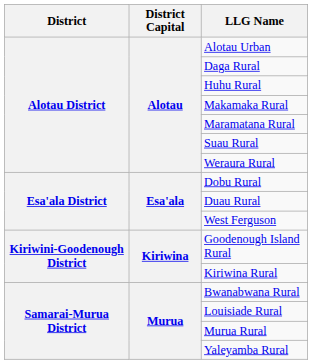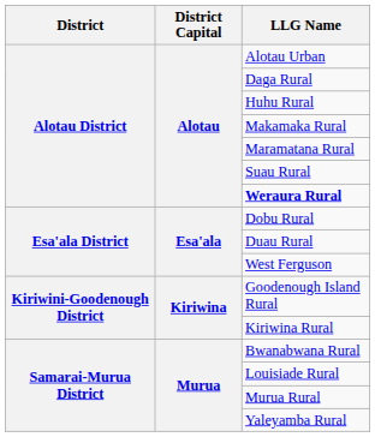 <table class="wikitable" style="text-align: left;" width="400">
 <tr>
 <th>District</th>
 <th>District Capital</th>
 <th>LLG Name</th>
 </tr>
 <tr>
 <th rowspan="7"><a href='#'>Alotau District</a></th>
 <th rowspan="7"><a href='#'>Alotau</a></th>
 <td><a href='#'>Alotau Urban</a></td>
 </tr>
 <tr>
 <td><a href='#'>Daga Rural</a></td>
 </tr>
 <tr>
 <td><a href='#'>Huhu Rural</a></td>
 </tr>
 <tr>
 <td><a href='#'>Makamaka Rural</a></td>
 </tr>
 <tr>
 <td><a href='#'>Maramatana Rural</a></td>
 </tr>
 <tr>
 <td><a href='#'>Suau Rural</a></td>
 </tr>
 <tr>
-<td><a href='#'>Weraura Rural</a></td>
+<td><strong><a href='#'>Weraura Rural</a></strong></td>
 </tr>
 <tr>
 <th rowspan="3"><a href='#'>Esa'ala District</a></th>
 <th rowspan="3"><a href='#'>Esa'ala</a></th>
 <td><a href='#'>Dobu Rural</a></td>
 </tr>
 <tr>
 <td><a href='#'>Duau Rural</a></td>
 </tr>
 <tr>
 <td><a href='#'>West Ferguson</a></td>
 </tr>
 <tr>
 <th rowspan="2"><a href='#'>Kiriwini-Goodenough District</a></th>
 <th rowspan="2"><a href='#'>Kiriwina</a></th>
 <td><a href='#'>Goodenough Island Rural</a></td>
 </tr>
 <tr>
 <td><a href='#'>Kiriwina Rural</a></td>
 </tr>
 <tr>
 <th rowspan="4"><a href='#'>Samarai-Murua District</a></th>
 <th rowspan="4"><a href='#'>Murua</a></th>
 <td><a href='#'>Bwanabwana Rural</a></td>
 </tr>
 <tr>
 <td><a href='#'>Louisiade Rural</a></td>
 </tr>
 <tr>
 <td><a href='#'>Murua Rural</a></td>
 </tr>
 <tr>
 <td><a href='#'>Yaleyamba Rural</a></td>
 </tr>
 </table>
